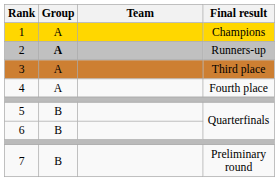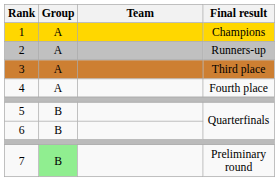 <table class="wikitable" style="text-align:center">
 <tr>
 <th width=40>Rank</th>
 <th width=40>Group</th>
 <th width=165>Team</th>
 <th width=90>Final result</th>
 </tr>
 <tr style="background:#ffd700">
 <td>1</td>
 <td>A</td>
 <td align=left></td>
 <td>Champions</td>
 </tr>
 <tr style="background:#c0c0c0">
 <td>2</td>
-<td><strong>A</strong></td>
+<td>A</td>
 <td align=left></td>
 <td>Runners-up</td>
 </tr>
 <tr style="background:#cd7f32">
 <td>3</td>
 <td>A</td>
 <td align=left></td>
 <td>Third place</td>
 </tr>
 <tr>
 <td>4</td>
 <td>A</td>
 <td align=left></td>
 <td>Fourth place</td>
 </tr>
 <tr style="background:#bbbbbb">
 <td colspan="4"></td>
 </tr>
 <tr>
 <td>5</td>
 <td>B</td>
 <td align=left></td>
 <td rowspan="2">Quarterfinals</td>
 </tr>
 <tr>
 <td>6</td>
 <td>B</td>
 <td align=left></td>
 </tr>
 <tr style="background:#bbbbbb">
 <td colspan="4"></td>
 </tr>
 <tr>
 <td>7</td>
-<td>B</td>
+<td style="background: lightgreen;">B</td>
 <td align=left></td>
 <td>Preliminary round</td>
 </tr>
 </table>
